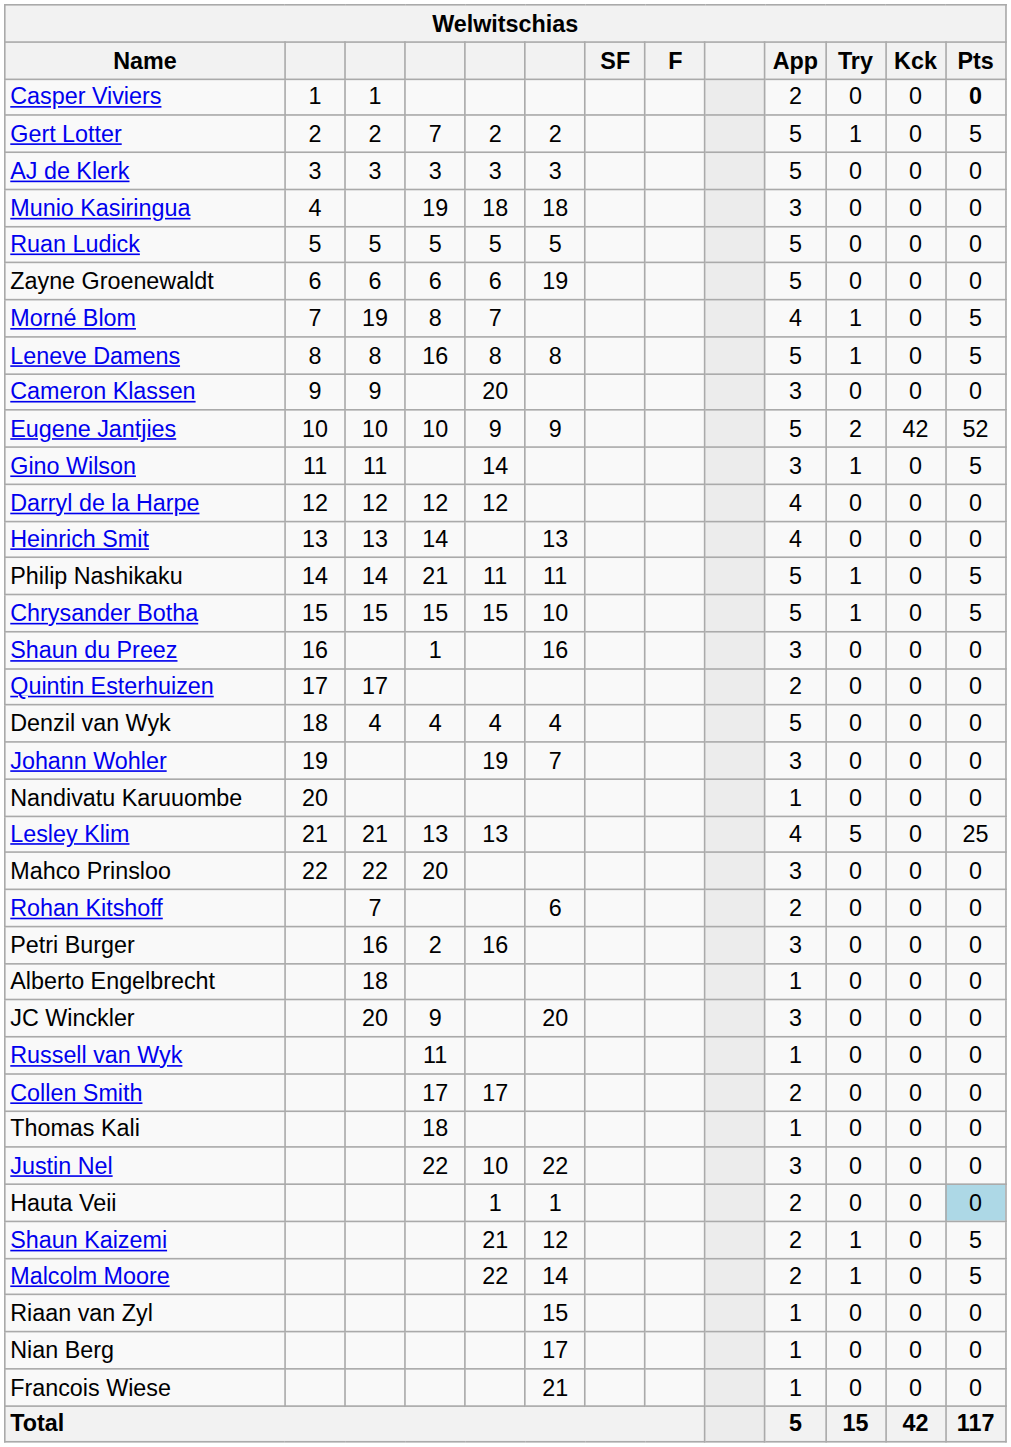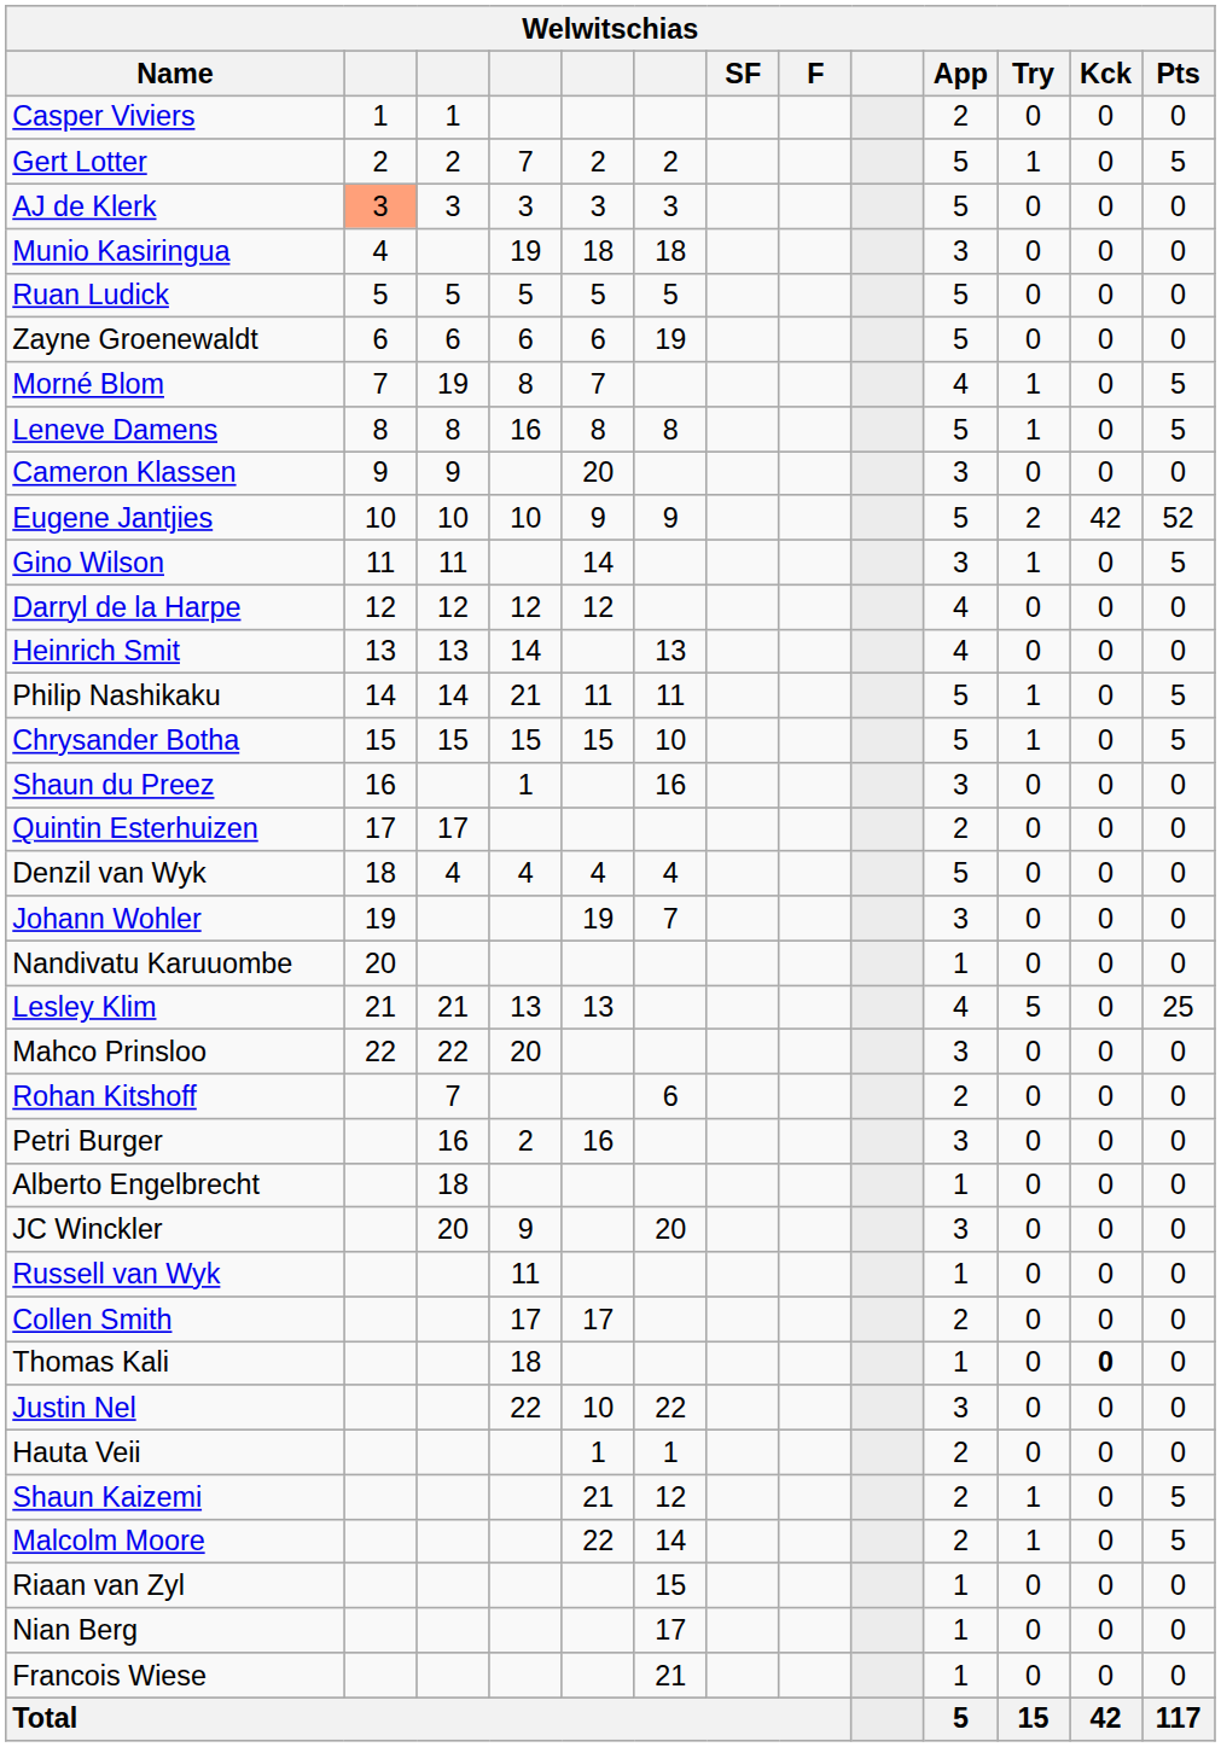 <table class="wikitable collapsible collapsed sortable" style="text-align:center; font-size:90%; width:70%">
 <tr>
 <th colspan="100%">Welwitschias</th>
 </tr>
 <tr>
 <th style="width:28%;">Name</th>
 <th style="width:6%;"></th>
 <th style="width:6%;"></th>
 <th style="width:6%;"></th>
 <th style="width:6%;"></th>
 <th style="width:6%;"></th>
 <th style="width:6%;">SF</th>
 <th style="width:6%;">F</th>
 <th style="width:6%;"></th>
 <th style="width:6%;">App</th>
 <th style="width:6%;">Try</th>
 <th style="width:6%;">Kck</th>
 <th style="width:6%;">Pts</th>
 </tr>
 <tr>
 <td style="text-align:left;"><a href='#'>Casper Viviers</a></td>
 <td>1</td>
 <td>1</td>
 <td></td>
 <td></td>
 <td></td>
 <td></td>
 <td></td>
 <td style="background:#ECECEC;"></td>
 <td>2</td>
 <td>0</td>
 <td>0</td>
-<td><strong>0</strong></td>
+<td>0</td>
 </tr>
 <tr>
 <td style="text-align:left;"><a href='#'>Gert Lotter</a></td>
 <td>2</td>
 <td>2</td>
 <td>7</td>
 <td>2</td>
 <td>2</td>
 <td></td>
 <td></td>
 <td style="background:#ECECEC;"></td>
 <td>5</td>
 <td>1</td>
 <td>0</td>
 <td>5</td>
 </tr>
 <tr>
 <td style="text-align:left;"><a href='#'>AJ de Klerk</a></td>
-<td>3</td>
+<td style="background: lightsalmon;">3</td>
 <td>3</td>
 <td>3</td>
 <td>3</td>
 <td>3</td>
 <td></td>
 <td></td>
 <td style="background:#ECECEC;"></td>
 <td>5</td>
 <td>0</td>
 <td>0</td>
 <td>0</td>
 </tr>
 <tr>
 <td style="text-align:left;"><a href='#'>Munio Kasiringua</a></td>
 <td>4</td>
 <td></td>
 <td>19</td>
 <td>18 </td>
 <td>18 </td>
 <td></td>
 <td></td>
 <td style="background:#ECECEC;"></td>
 <td>3</td>
 <td>0</td>
 <td>0</td>
 <td>0</td>
 </tr>
 <tr>
 <td style="text-align:left;"><a href='#'>Ruan Ludick</a></td>
 <td>5</td>
 <td>5</td>
 <td>5</td>
 <td>5</td>
 <td>5</td>
 <td></td>
 <td></td>
 <td style="background:#ECECEC;"></td>
 <td>5</td>
 <td>0</td>
 <td>0</td>
 <td>0</td>
 </tr>
 <tr>
 <td style="text-align:left;">Zayne Groenewaldt</td>
 <td>6</td>
 <td>6</td>
 <td>6</td>
 <td>6</td>
 <td>19 </td>
 <td></td>
 <td></td>
 <td style="background:#ECECEC;"></td>
 <td>5</td>
 <td>0</td>
 <td>0</td>
 <td>0</td>
 </tr>
 <tr>
 <td style="text-align:left;"><a href='#'>Morné Blom</a></td>
 <td>7</td>
 <td>19 </td>
 <td>8</td>
 <td>7</td>
 <td></td>
 <td></td>
 <td></td>
 <td style="background:#ECECEC;"></td>
 <td>4</td>
 <td>1</td>
 <td>0</td>
 <td>5</td>
 </tr>
 <tr>
 <td style="text-align:left;"><a href='#'>Leneve Damens</a></td>
 <td>8</td>
 <td>8</td>
 <td>16 </td>
 <td>8</td>
 <td>8</td>
 <td></td>
 <td></td>
 <td style="background:#ECECEC;"></td>
 <td>5</td>
 <td>1</td>
 <td>0</td>
 <td>5</td>
 </tr>
 <tr>
 <td style="text-align:left;"><a href='#'>Cameron Klassen</a></td>
 <td>9</td>
 <td>9</td>
 <td></td>
 <td>20 </td>
 <td></td>
 <td></td>
 <td></td>
 <td style="background:#ECECEC;"></td>
 <td>3</td>
 <td>0</td>
 <td>0</td>
 <td>0</td>
 </tr>
 <tr>
 <td style="text-align:left;"><a href='#'>Eugene Jantjies</a></td>
 <td>10</td>
 <td>10</td>
 <td>10</td>
 <td>9</td>
 <td>9</td>
 <td></td>
 <td></td>
 <td style="background:#ECECEC;"></td>
 <td>5</td>
 <td>2</td>
 <td>42</td>
 <td>52</td>
 </tr>
 <tr>
 <td style="text-align:left;"><a href='#'>Gino Wilson</a></td>
 <td>11</td>
 <td>11</td>
 <td></td>
 <td>14</td>
 <td></td>
 <td></td>
 <td></td>
 <td style="background:#ECECEC;"></td>
 <td>3</td>
 <td>1</td>
 <td>0</td>
 <td>5</td>
 </tr>
 <tr>
 <td style="text-align:left;"><a href='#'>Darryl de la Harpe</a></td>
 <td>12</td>
 <td>12</td>
 <td>12</td>
 <td>12</td>
 <td></td>
 <td></td>
 <td></td>
 <td style="background:#ECECEC;"></td>
 <td>4</td>
 <td>0</td>
 <td>0</td>
 <td>0</td>
 </tr>
 <tr>
 <td style="text-align:left;"><a href='#'>Heinrich Smit</a></td>
 <td>13</td>
 <td>13</td>
 <td>14</td>
 <td></td>
 <td>13</td>
 <td></td>
 <td></td>
 <td style="background:#ECECEC;"></td>
 <td>4</td>
 <td>0</td>
 <td>0</td>
 <td>0</td>
 </tr>
 <tr>
 <td style="text-align:left;">Philip Nashikaku</td>
 <td>14</td>
 <td>14</td>
 <td>21 </td>
 <td>11</td>
 <td>11</td>
 <td></td>
 <td></td>
 <td style="background:#ECECEC;"></td>
 <td>5</td>
 <td>1</td>
 <td>0</td>
 <td>5</td>
 </tr>
 <tr>
 <td style="text-align:left;"><a href='#'>Chrysander Botha</a></td>
 <td>15</td>
 <td>15</td>
 <td>15</td>
 <td>15</td>
 <td>10</td>
 <td></td>
 <td></td>
 <td style="background:#ECECEC;"></td>
 <td>5</td>
 <td>1</td>
 <td>0</td>
 <td>5</td>
 </tr>
 <tr>
 <td style="text-align:left;"><a href='#'>Shaun du Preez</a></td>
 <td>16 </td>
 <td></td>
 <td>1</td>
 <td></td>
 <td>16 </td>
 <td></td>
 <td></td>
 <td style="background:#ECECEC;"></td>
 <td>3</td>
 <td>0</td>
 <td>0</td>
 <td>0</td>
 </tr>
 <tr>
 <td style="text-align:left;"><a href='#'>Quintin Esterhuizen</a></td>
 <td>17 </td>
 <td>17 </td>
 <td></td>
 <td></td>
 <td></td>
 <td></td>
 <td></td>
 <td style="background:#ECECEC;"></td>
 <td>2</td>
 <td>0</td>
 <td>0</td>
 <td>0</td>
 </tr>
 <tr>
 <td style="text-align:left;">Denzil van Wyk</td>
 <td>18 </td>
 <td>4</td>
 <td>4</td>
 <td>4</td>
 <td>4</td>
 <td></td>
 <td></td>
 <td style="background:#ECECEC;"></td>
 <td>5</td>
 <td>0</td>
 <td>0</td>
 <td>0</td>
 </tr>
 <tr>
 <td style="text-align:left;"><a href='#'>Johann Wohler</a></td>
 <td>19 </td>
 <td></td>
 <td></td>
 <td>19 </td>
 <td>7</td>
 <td></td>
 <td></td>
 <td style="background:#ECECEC;"></td>
 <td>3</td>
 <td>0</td>
 <td>0</td>
 <td>0</td>
 </tr>
 <tr>
 <td style="text-align:left;">Nandivatu Karuuombe</td>
 <td>20 </td>
 <td></td>
 <td></td>
 <td></td>
 <td></td>
 <td></td>
 <td></td>
 <td style="background:#ECECEC;"></td>
 <td>1</td>
 <td>0</td>
 <td>0</td>
 <td>0</td>
 </tr>
 <tr>
 <td style="text-align:left;"><a href='#'>Lesley Klim</a></td>
 <td>21 </td>
 <td>21 </td>
 <td>13</td>
 <td>13</td>
 <td></td>
 <td></td>
 <td></td>
 <td style="background:#ECECEC;"></td>
 <td>4</td>
 <td>5</td>
 <td>0</td>
 <td>25</td>
 </tr>
 <tr>
 <td style="text-align:left;">Mahco Prinsloo</td>
 <td>22 </td>
 <td>22 </td>
 <td>20 </td>
 <td></td>
 <td></td>
 <td></td>
 <td></td>
 <td style="background:#ECECEC;"></td>
 <td>3</td>
 <td>0</td>
 <td>0</td>
 <td>0</td>
 </tr>
 <tr>
 <td style="text-align:left;"><a href='#'>Rohan Kitshoff</a></td>
 <td></td>
 <td>7</td>
 <td></td>
 <td></td>
 <td>6</td>
 <td></td>
 <td></td>
 <td style="background:#ECECEC;"></td>
 <td>2</td>
 <td>0</td>
 <td>0</td>
 <td>0</td>
 </tr>
 <tr>
 <td style="text-align:left;">Petri Burger</td>
 <td></td>
 <td>16 </td>
 <td>2</td>
 <td>16 </td>
 <td></td>
 <td></td>
 <td></td>
 <td style="background:#ECECEC;"></td>
 <td>3</td>
 <td>0</td>
 <td>0</td>
 <td>0</td>
 </tr>
 <tr>
 <td style="text-align:left;">Alberto Engelbrecht</td>
 <td></td>
 <td>18 </td>
 <td></td>
 <td></td>
 <td></td>
 <td></td>
 <td></td>
 <td style="background:#ECECEC;"></td>
 <td>1</td>
 <td>0</td>
 <td>0</td>
 <td>0</td>
 </tr>
 <tr>
 <td style="text-align:left;">JC Winckler</td>
 <td></td>
 <td>20 </td>
 <td>9</td>
 <td></td>
 <td>20 </td>
 <td></td>
 <td></td>
 <td style="background:#ECECEC;"></td>
 <td>3</td>
 <td>0</td>
 <td>0</td>
 <td>0</td>
 </tr>
 <tr>
 <td style="text-align:left;"><a href='#'>Russell van Wyk</a></td>
 <td></td>
 <td></td>
 <td>11</td>
 <td></td>
 <td></td>
 <td></td>
 <td></td>
 <td style="background:#ECECEC;"></td>
 <td>1</td>
 <td>0</td>
 <td>0</td>
 <td>0</td>
 </tr>
 <tr>
 <td style="text-align:left;"><a href='#'>Collen Smith</a></td>
 <td></td>
 <td></td>
 <td>17 </td>
 <td>17 </td>
 <td></td>
 <td></td>
 <td></td>
 <td style="background:#ECECEC;"></td>
 <td>2</td>
 <td>0</td>
 <td>0</td>
 <td>0</td>
 </tr>
 <tr>
 <td style="text-align:left;">Thomas Kali</td>
 <td></td>
 <td></td>
 <td>18 </td>
 <td></td>
 <td></td>
 <td></td>
 <td></td>
 <td style="background:#ECECEC;"></td>
 <td>1</td>
 <td>0</td>
-<td>0</td>
+<td><strong>0</strong></td>
 <td>0</td>
 </tr>
 <tr>
 <td style="text-align:left;"><a href='#'>Justin Nel</a></td>
 <td></td>
 <td></td>
 <td>22 </td>
 <td>10</td>
 <td>22 </td>
 <td></td>
 <td></td>
 <td style="background:#ECECEC;"></td>
 <td>3</td>
 <td>0</td>
 <td>0</td>
 <td>0</td>
 </tr>
 <tr>
 <td style="text-align:left;">Hauta Veii</td>
 <td></td>
 <td></td>
 <td></td>
 <td>1</td>
 <td>1</td>
 <td></td>
 <td></td>
 <td style="background:#ECECEC;"></td>
 <td>2</td>
 <td>0</td>
 <td>0</td>
-<td style="background: lightblue;">0</td>
+<td>0</td>
 </tr>
 <tr>
 <td style="text-align:left;"><a href='#'>Shaun Kaizemi</a></td>
 <td></td>
 <td></td>
 <td></td>
 <td>21 </td>
 <td>12</td>
 <td></td>
 <td></td>
 <td style="background:#ECECEC;"></td>
 <td>2</td>
 <td>1</td>
 <td>0</td>
 <td>5</td>
 </tr>
 <tr>
 <td style="text-align:left;"><a href='#'>Malcolm Moore</a></td>
 <td></td>
 <td></td>
 <td></td>
 <td>22 </td>
 <td>14</td>
 <td></td>
 <td></td>
 <td style="background:#ECECEC;"></td>
 <td>2</td>
 <td>1</td>
 <td>0</td>
 <td>5</td>
 </tr>
 <tr>
 <td style="text-align:left;">Riaan van Zyl</td>
 <td></td>
 <td></td>
 <td></td>
 <td></td>
 <td>15</td>
 <td></td>
 <td></td>
 <td style="background:#ECECEC;"></td>
 <td>1</td>
 <td>0</td>
 <td>0</td>
 <td>0</td>
 </tr>
 <tr>
 <td style="text-align:left;">Nian Berg</td>
 <td></td>
 <td></td>
 <td></td>
 <td></td>
 <td>17 </td>
 <td></td>
 <td></td>
 <td style="background:#ECECEC;"></td>
 <td>1</td>
 <td>0</td>
 <td>0</td>
 <td>0</td>
 </tr>
 <tr>
 <td style="text-align:left;">Francois Wiese</td>
 <td></td>
 <td></td>
 <td></td>
 <td></td>
 <td>21 </td>
 <td></td>
 <td></td>
 <td style="background:#ECECEC;"></td>
 <td>1</td>
 <td>0</td>
 <td>0</td>
 <td>0</td>
 </tr>
 <tr>
 <th colspan="8" style="text-align:left;">Total</th>
 <th style="background:#ECECEC;"></th>
 <th>5</th>
 <th>15</th>
 <th>42</th>
 <th>117</th>
 </tr>
 </table>
